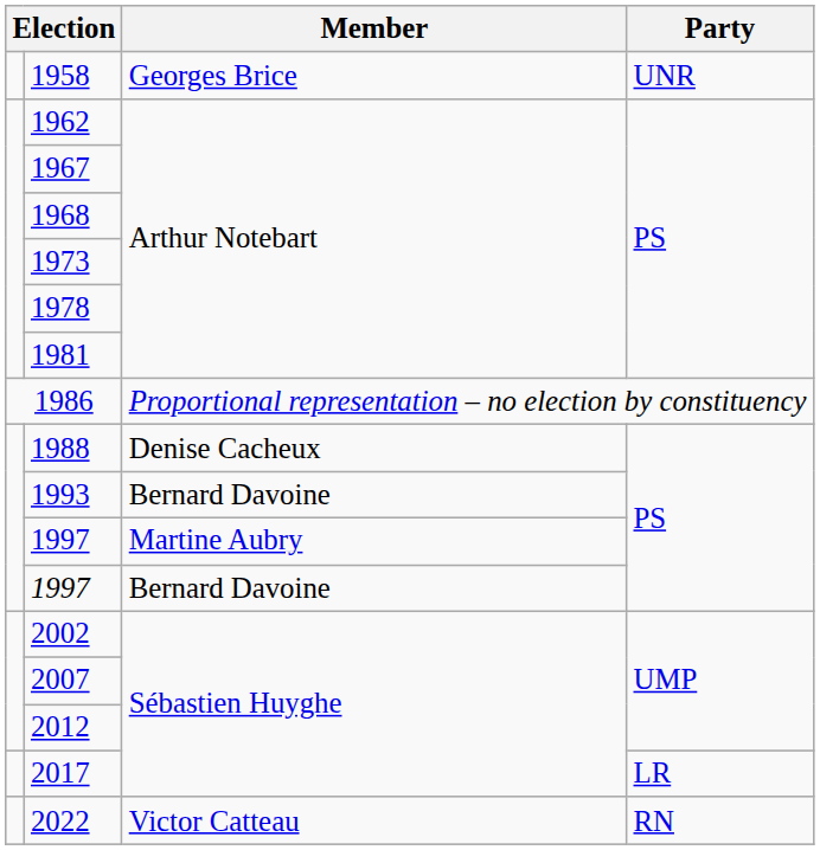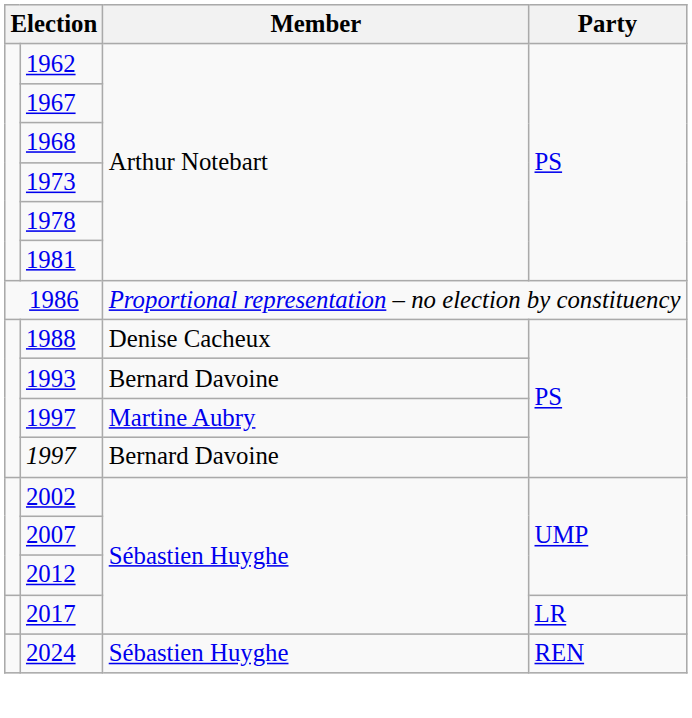 <table class="wikitable">
 <tr>
 <th colspan="2">Election</th>
 <th>Member</th>
 <th>Party</th>
-</tr>
-<tr>
-<td style="color:inherit;background-color: "></td>
-<td><a href='#'>1958</a></td>
-<td><a href='#'>Georges Brice</a></td>
-<td><a href='#'>UNR</a></td>
 </tr>
 <tr>
 <td rowspan="6" style="color:inherit;background-color: "></td>
 <td><a href='#'>1962</a></td>
 <td rowspan="6">Arthur Notebart</td>
 <td rowspan="6"><a href='#'>PS</a></td>
 </tr>
 <tr>
 <td><a href='#'>1967</a></td>
 </tr>
 <tr>
 <td><a href='#'>1968</a></td>
 </tr>
 <tr>
 <td><a href='#'>1973</a></td>
 </tr>
 <tr>
 <td><a href='#'>1978</a></td>
 </tr>
 <tr>
 <td><a href='#'>1981</a></td>
 </tr>
 <tr>
 <td colspan="2" align="center"><a href='#'>1986</a></td>
 <td colspan="2"><em><a href='#'>Proportional representation</a> – no election by constituency</em></td>
 </tr>
 <tr>
 <td rowspan="4" style="color:inherit;background-color: "></td>
 <td><a href='#'>1988</a></td>
 <td>Denise Cacheux</td>
 <td rowspan="4"><a href='#'>PS</a></td>
 </tr>
 <tr>
 <td><a href='#'>1993</a></td>
 <td>Bernard Davoine</td>
 </tr>
 <tr>
 <td><a href='#'>1997</a></td>
 <td><a href='#'>Martine Aubry</a></td>
 </tr>
 <tr>
 <td><em>1997</em></td>
 <td>Bernard Davoine</td>
 </tr>
 <tr>
 <td rowspan="3" style="color:inherit;background-color: "></td>
 <td><a href='#'>2002</a></td>
 <td rowspan="4"><a href='#'>Sébastien Huyghe</a></td>
 <td rowspan="3"><a href='#'>UMP</a></td>
 </tr>
 <tr>
 <td><a href='#'>2007</a></td>
 </tr>
 <tr>
 <td><a href='#'>2012</a></td>
 </tr>
 <tr>
 <td style="color:inherit;background-color: "></td>
 <td><a href='#'>2017</a></td>
 <td><a href='#'>LR</a></td>
 </tr>
 <tr>
 <td style="color:inherit;background-color: "></td>
-<td><a href='#'>2022</a></td>
-<td><a href='#'>Victor Catteau</a></td>
-<td><a href='#'>RN</a></td>
+<td><a href='#'>2024</a></td>
+<td><a href='#'>Sébastien Huyghe</a></td>
+<td><a href='#'>REN</a></td>
 </tr>
 </table>
